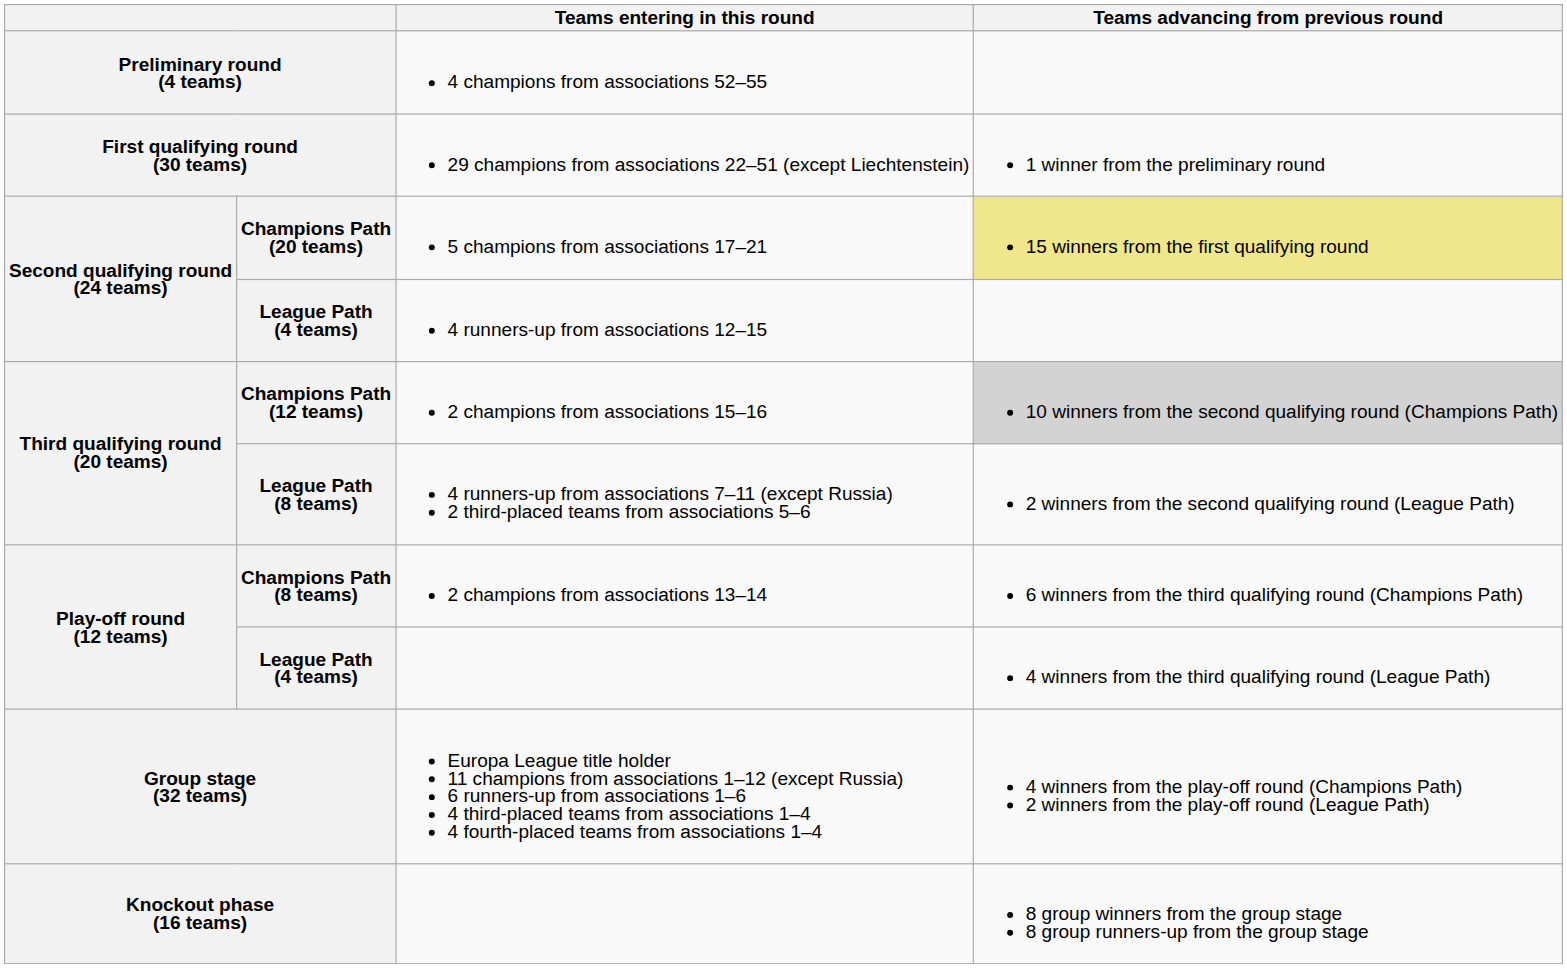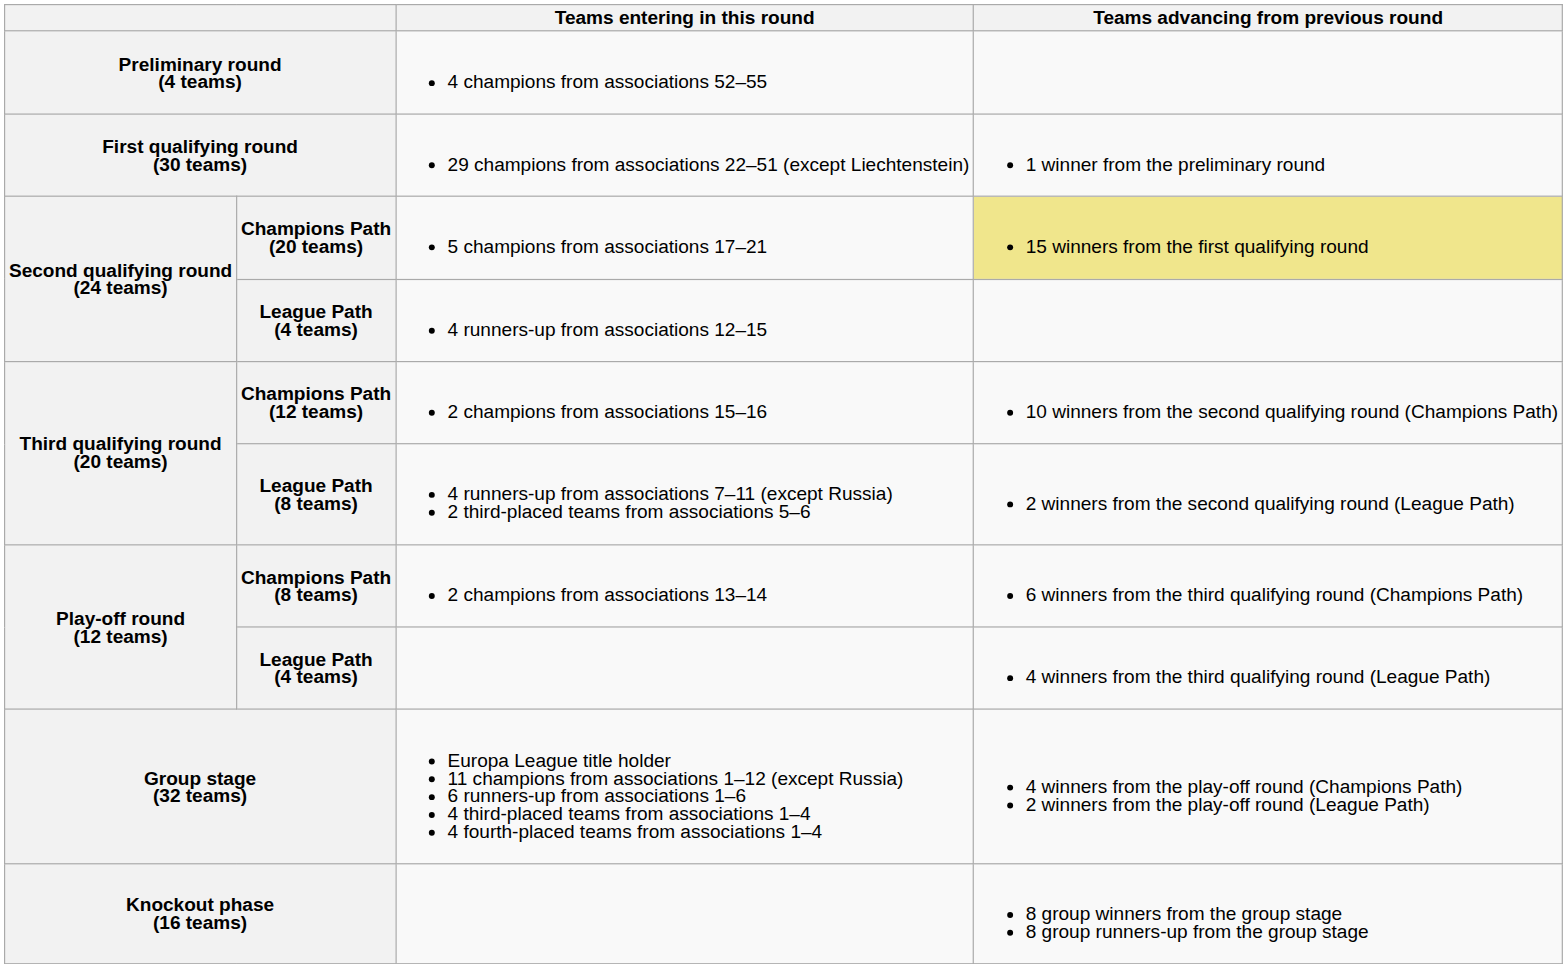 <table class="wikitable" style="line-height:15px;">
 <tr>
 <th colspan=2></th>
 <th>Teams entering in this round</th>
 <th>Teams advancing from previous round</th>
 </tr>
 <tr>
 <th colspan=2>Preliminary round<br>(4 teams)</th>
 <td><br><ul><li>4 champions from associations 52–55</li></ul></td>
 <td></td>
 </tr>
 <tr>
 <th colspan=2>First qualifying round<br>(30 teams)</th>
 <td><br><ul><li>29 champions from associations 22–51 (except Liechtenstein)</li></ul></td>
 <td><br><ul><li>1 winner from the preliminary round</li></ul></td>
 </tr>
 <tr>
 <th rowspan=2>Second qualifying round<br>(24 teams)</th>
 <th>Champions Path<br>(20 teams)</th>
 <td><br><ul><li>5 champions from associations 17–21</li></ul></td>
 <td style="background: khaki;"><br><ul><li>15 winners from the first qualifying round</li></ul></td>
 </tr>
 <tr>
 <th>League Path<br>(4 teams)</th>
 <td><br><ul><li>4 runners-up from associations 12–15</li></ul></td>
 <td></td>
 </tr>
 <tr>
 <th rowspan=2>Third qualifying round<br>(20 teams)</th>
 <th>Champions Path<br>(12 teams)</th>
 <td><br><ul><li>2 champions from associations 15–16</li></ul></td>
-<td style="background: lightgrey;"><br><ul><li>10 winners from the second qualifying round (Champions Path)</li></ul></td>
+<td><br><ul><li>10 winners from the second qualifying round (Champions Path)</li></ul></td>
 </tr>
 <tr>
 <th>League Path<br>(8 teams)</th>
 <td><br><ul><li>4 runners-up from associations 7–11 (except Russia)</li><li>2 third-placed teams from associations 5–6</li></ul></td>
 <td><br><ul><li>2 winners from the second qualifying round (League Path)</li></ul></td>
 </tr>
 <tr>
 <th rowspan=2>Play-off round<br>(12 teams)</th>
 <th>Champions Path<br>(8 teams)</th>
 <td><br><ul><li>2 champions from associations 13–14</li></ul></td>
 <td><br><ul><li>6 winners from the third qualifying round (Champions Path)</li></ul></td>
 </tr>
 <tr>
 <th>League Path<br>(4 teams)</th>
 <td></td>
 <td><br><ul><li>4 winners from the third qualifying round (League Path)</li></ul></td>
 </tr>
 <tr>
 <th colspan=2>Group stage<br>(32 teams)</th>
 <td><br><ul><li>Europa League title holder</li><li>11 champions from associations 1–12 (except Russia)</li><li>6 runners-up from associations 1–6</li><li>4 third-placed teams from associations 1–4</li><li>4 fourth-placed teams from associations 1–4</li></ul></td>
 <td><br><ul><li>4 winners from the play-off round (Champions Path)</li><li>2 winners from the play-off round (League Path)</li></ul></td>
 </tr>
 <tr>
 <th colspan=2>Knockout phase<br>(16 teams)</th>
 <td></td>
 <td><br><ul><li>8 group winners from the group stage</li><li>8 group runners-up from the group stage</li></ul></td>
 </tr>
 </table>
